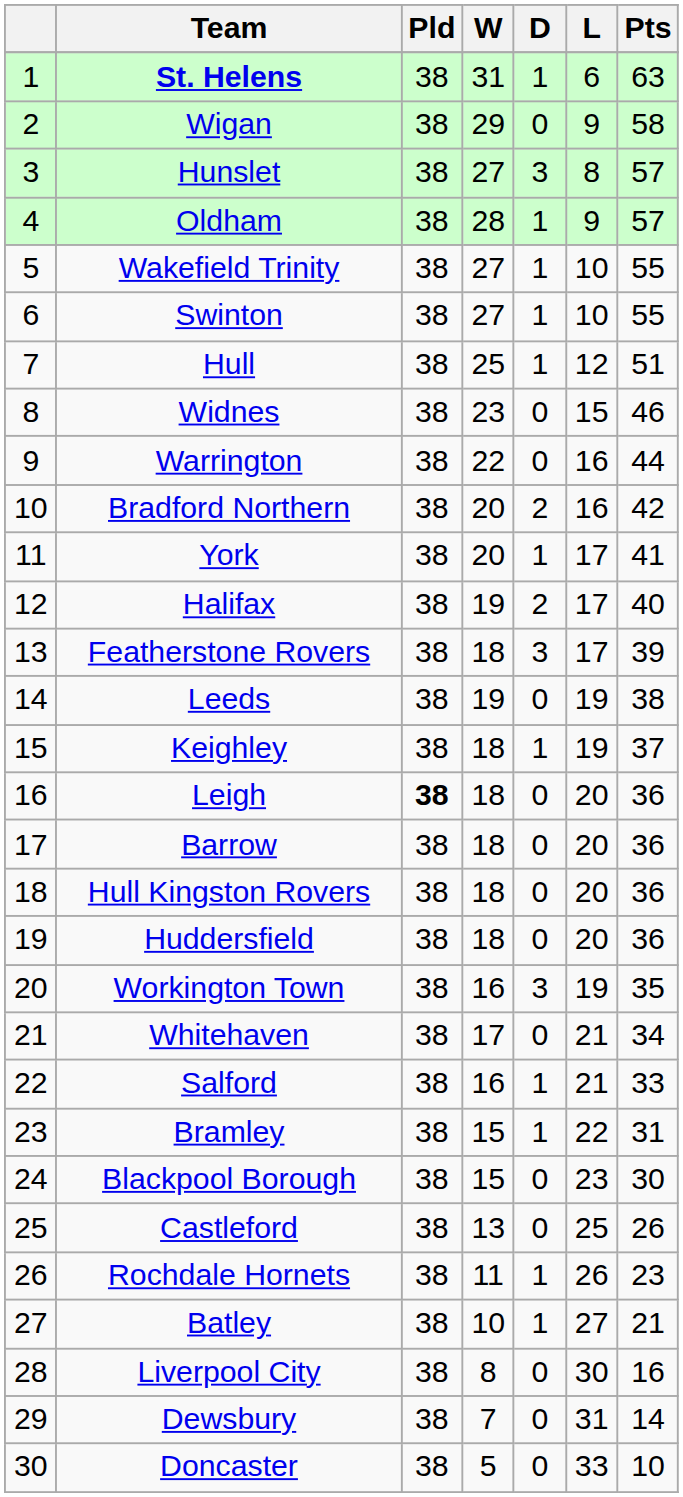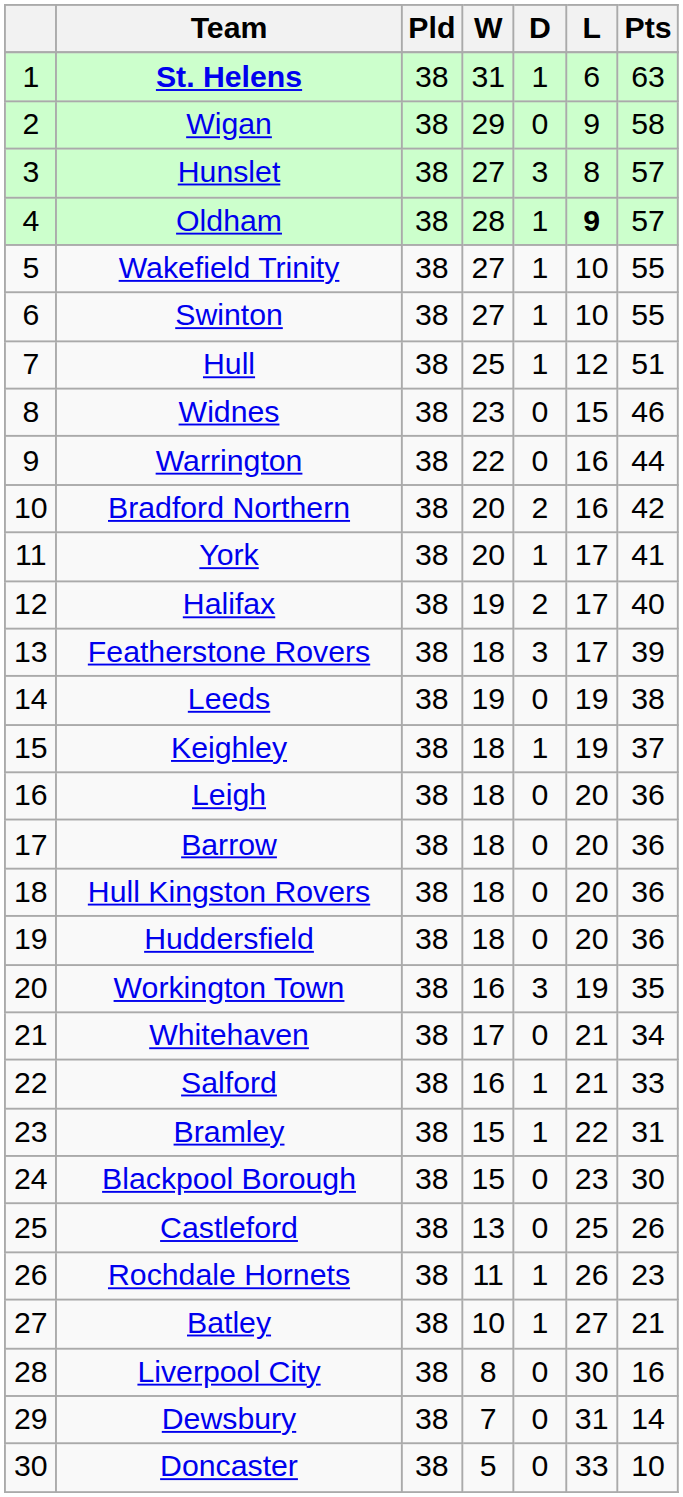 <table class="wikitable" style="text-align:center;">
 <tr>
 <th width=20 abbr="Position"></th>
 <th width=175>Team</th>
 <th width=20 abbr="Played">Pld</th>
 <th width=20 abbr="Won">W</th>
 <th width=20 abbr="Drawn">D</th>
 <th width=20 abbr="Lost">L</th>
 <th width=20 abbr="Points">Pts</th>
 </tr>
 <tr>
 </tr>
 <tr align=center style="background:#ccffcc;color:">
 <td>1</td>
 <td><strong><a href='#'>St. Helens</a></strong></td>
 <td>38</td>
 <td>31</td>
 <td>1</td>
 <td>6</td>
 <td>63</td>
 </tr>
 <tr align=center style="background:#ccffcc;color:">
 <td>2</td>
 <td><a href='#'>Wigan</a></td>
 <td>38</td>
 <td>29</td>
 <td>0</td>
 <td>9</td>
 <td>58</td>
 </tr>
 <tr align=center style="background:#ccffcc;color:">
 <td>3</td>
 <td><a href='#'>Hunslet</a></td>
 <td>38</td>
 <td>27</td>
 <td>3</td>
 <td>8</td>
 <td>57</td>
 </tr>
 <tr align=center style="background:#ccffcc;color:">
 <td>4</td>
 <td><a href='#'>Oldham</a></td>
 <td>38</td>
 <td>28</td>
 <td>1</td>
-<td>9</td>
+<td><strong>9</strong></td>
 <td>57</td>
 </tr>
 <tr align=center style="background:">
 <td>5</td>
 <td><a href='#'>Wakefield Trinity</a></td>
 <td>38</td>
 <td>27</td>
 <td>1</td>
 <td>10</td>
 <td>55</td>
 </tr>
 <tr align=center style="background:">
 <td>6</td>
 <td><a href='#'>Swinton</a></td>
 <td>38</td>
 <td>27</td>
 <td>1</td>
 <td>10</td>
 <td>55</td>
 </tr>
 <tr align=center style="background:">
 <td>7</td>
 <td><a href='#'>Hull</a></td>
 <td>38</td>
 <td>25</td>
 <td>1</td>
 <td>12</td>
 <td>51</td>
 </tr>
 <tr align=center style="background:">
 <td>8</td>
 <td><a href='#'>Widnes</a></td>
 <td>38</td>
 <td>23</td>
 <td>0</td>
 <td>15</td>
 <td>46</td>
 </tr>
 <tr align=center style="background:">
 <td>9</td>
 <td><a href='#'>Warrington</a></td>
 <td>38</td>
 <td>22</td>
 <td>0</td>
 <td>16</td>
 <td>44</td>
 </tr>
 <tr align=center style="background:">
 <td>10</td>
 <td><a href='#'>Bradford Northern</a></td>
 <td>38</td>
 <td>20</td>
 <td>2</td>
 <td>16</td>
 <td>42</td>
 </tr>
 <tr align=center style="background:">
 <td>11</td>
 <td><a href='#'>York</a></td>
 <td>38</td>
 <td>20</td>
 <td>1</td>
 <td>17</td>
 <td>41</td>
 </tr>
 <tr align=center style="background:">
 <td>12</td>
 <td><a href='#'>Halifax</a></td>
 <td>38</td>
 <td>19</td>
 <td>2</td>
 <td>17</td>
 <td>40</td>
 </tr>
 <tr align=center style="background:">
 <td>13</td>
 <td><a href='#'>Featherstone Rovers</a></td>
 <td>38</td>
 <td>18</td>
 <td>3</td>
 <td>17</td>
 <td>39</td>
 </tr>
 <tr align=center style="background:">
 <td>14</td>
 <td><a href='#'>Leeds</a></td>
 <td>38</td>
 <td>19</td>
 <td>0</td>
 <td>19</td>
 <td>38</td>
 </tr>
 <tr align=center style="background:">
 <td>15</td>
 <td><a href='#'>Keighley</a></td>
 <td>38</td>
 <td>18</td>
 <td>1</td>
 <td>19</td>
 <td>37</td>
 </tr>
 <tr align=center style="background:">
 <td>16</td>
 <td><a href='#'>Leigh</a></td>
-<td><strong>38</strong></td>
+<td>38</td>
 <td>18</td>
 <td>0</td>
 <td>20</td>
 <td>36</td>
 </tr>
 <tr align=center style="background:">
 <td>17</td>
 <td><a href='#'>Barrow</a></td>
 <td>38</td>
 <td>18</td>
 <td>0</td>
 <td>20</td>
 <td>36</td>
 </tr>
 <tr align=center style="background:">
 <td>18</td>
 <td><a href='#'>Hull Kingston Rovers</a></td>
 <td>38</td>
 <td>18</td>
 <td>0</td>
 <td>20</td>
 <td>36</td>
 </tr>
 <tr align=center style="background:">
 <td>19</td>
 <td><a href='#'>Huddersfield</a></td>
 <td>38</td>
 <td>18</td>
 <td>0</td>
 <td>20</td>
 <td>36</td>
 </tr>
 <tr align=center style="background:">
 <td>20</td>
 <td><a href='#'>Workington Town</a></td>
 <td>38</td>
 <td>16</td>
 <td>3</td>
 <td>19</td>
 <td>35</td>
 </tr>
 <tr align=center style="background:">
 <td>21</td>
 <td><a href='#'>Whitehaven</a></td>
 <td>38</td>
 <td>17</td>
 <td>0</td>
 <td>21</td>
 <td>34</td>
 </tr>
 <tr align=center style="background:">
 <td>22</td>
 <td><a href='#'>Salford</a></td>
 <td>38</td>
 <td>16</td>
 <td>1</td>
 <td>21</td>
 <td>33</td>
 </tr>
 <tr align=center style="background:">
 <td>23</td>
 <td><a href='#'>Bramley</a></td>
 <td>38</td>
 <td>15</td>
 <td>1</td>
 <td>22</td>
 <td>31</td>
 </tr>
 <tr align=center style="background:">
 <td>24</td>
 <td><a href='#'>Blackpool Borough</a></td>
 <td>38</td>
 <td>15</td>
 <td>0</td>
 <td>23</td>
 <td>30</td>
 </tr>
 <tr align=center style="background:">
 <td>25</td>
 <td><a href='#'>Castleford</a></td>
 <td>38</td>
 <td>13</td>
 <td>0</td>
 <td>25</td>
 <td>26</td>
 </tr>
 <tr align=center style="background:">
 <td>26</td>
 <td><a href='#'>Rochdale Hornets</a></td>
 <td>38</td>
 <td>11</td>
 <td>1</td>
 <td>26</td>
 <td>23</td>
 </tr>
 <tr align=center style="background:">
 <td>27</td>
 <td><a href='#'>Batley</a></td>
 <td>38</td>
 <td>10</td>
 <td>1</td>
 <td>27</td>
 <td>21</td>
 </tr>
 <tr align=center style="background:">
 <td>28</td>
 <td><a href='#'>Liverpool City</a></td>
 <td>38</td>
 <td>8</td>
 <td>0</td>
 <td>30</td>
 <td>16</td>
 </tr>
 <tr align=center style="background:">
 <td>29</td>
 <td><a href='#'>Dewsbury</a></td>
 <td>38</td>
 <td>7</td>
 <td>0</td>
 <td>31</td>
 <td>14</td>
 </tr>
 <tr align=center style="background:">
 <td>30</td>
 <td><a href='#'>Doncaster</a></td>
 <td>38</td>
 <td>5</td>
 <td>0</td>
 <td>33</td>
 <td>10</td>
 </tr>
 <tr>
 </tr>
 </table>
